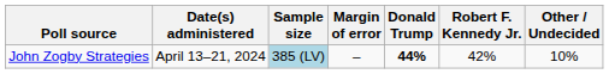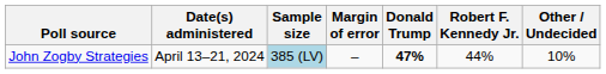 <table class="wikitable sortable mw-datatable" style="font-size:90%;text-align:center;line-height:17px">
 <tr valign=bottom>
 <th>Poll source</th>
 <th>Date(s)<br>administered</th>
 <th>Sample<br>size</th>
 <th>Margin<br>of error</th>
 <th class="unsortable">Donald<br>Trump<br></th>
 <th class="unsortable">Robert F.<br>Kennedy Jr.<br></th>
 <th class="unsortable">Other /<br>Undecided</th>
 </tr>
 <tr>
 <td style="text-align:left;"><a href='#'>John Zogby Strategies</a></td>
 <td data-sort-value="2024-05-01">April 13–21, 2024</td>
 <td style="background: lightblue;">385 (LV)</td>
 <td>–</td>
-<td style="background-color:"><strong>44%</strong></td>
-<td>42%</td>
+<td style="background-color:"><strong>47%</strong></td>
+<td>44%</td>
 <td>10%</td>
 </tr>
 </table>
